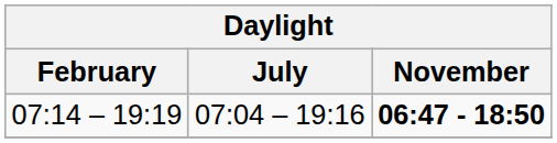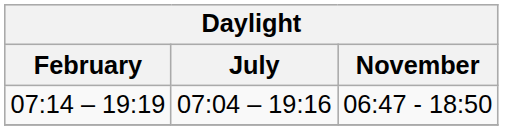 <table class=wikitable>
 <tr>
 <th colspan=3>Daylight</th>
 </tr>
 <tr>
 <th>February</th>
 <th>July</th>
 <th>November</th>
 </tr>
 <tr>
 <td>07:14 – 19:19</td>
 <td>07:04 – 19:16</td>
-<td><strong>06:47 - 18:50</strong></td>
+<td>06:47 - 18:50</td>
 </tr>
 <tr>
 </tr>
 </table>
